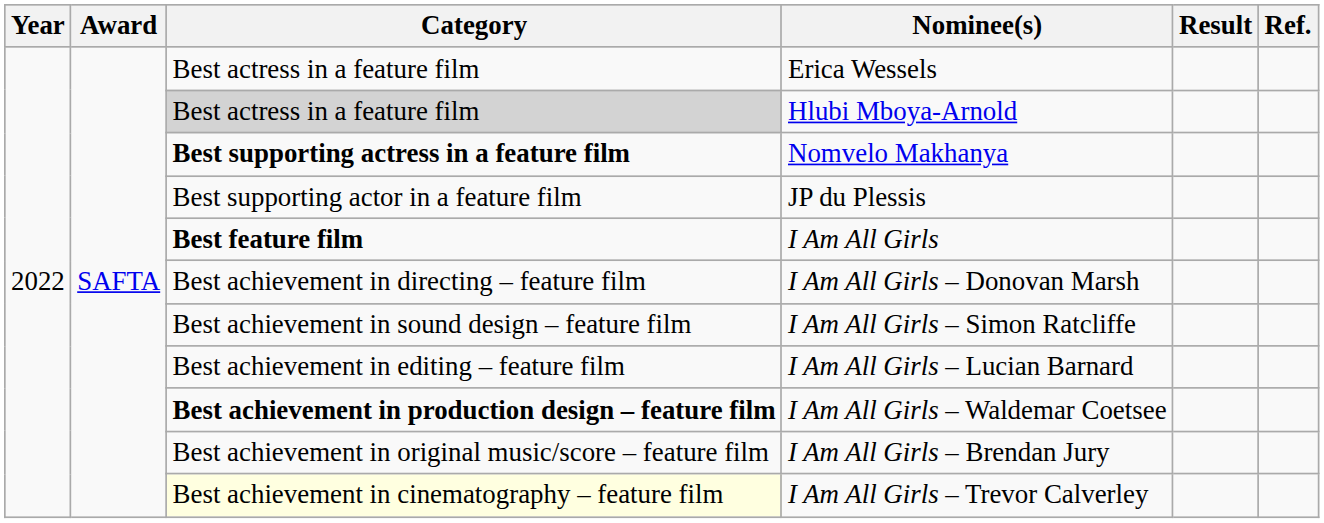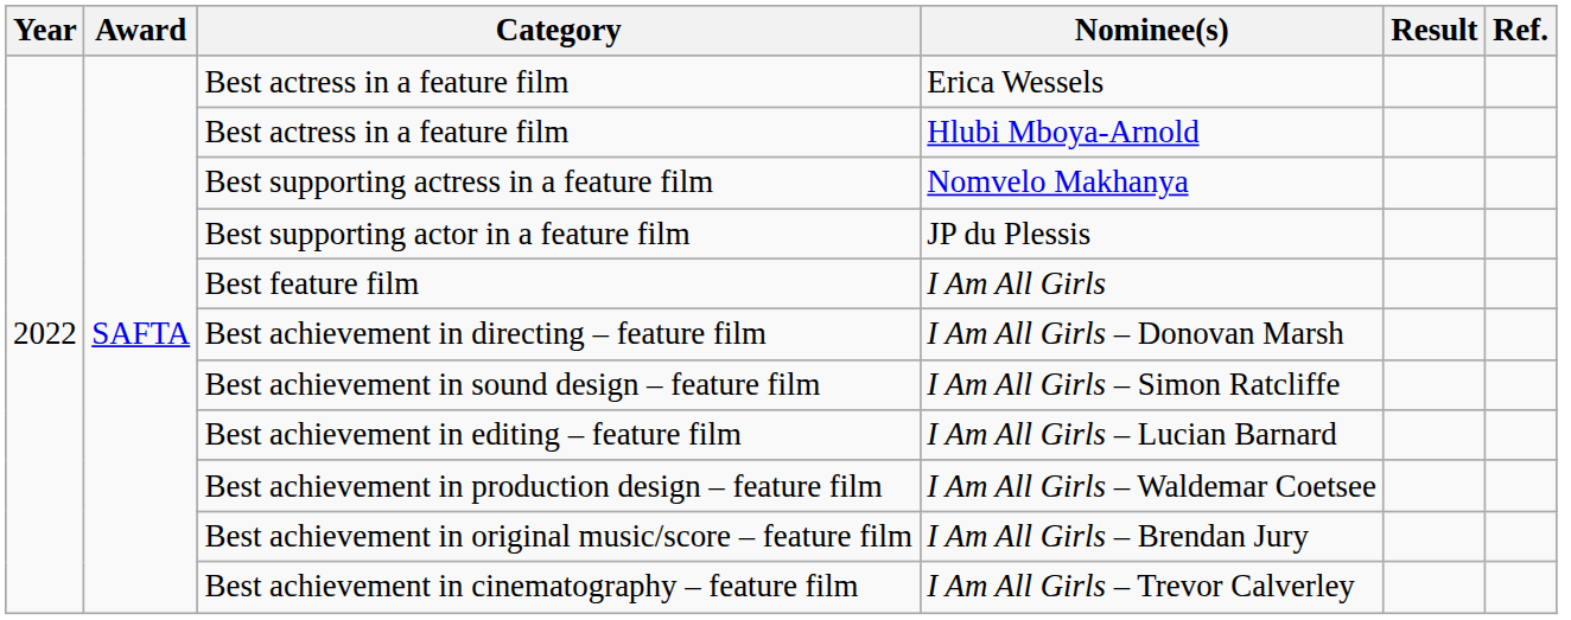 <table class="wikitable sortable">
 <tr>
 <th>Year</th>
 <th>Award</th>
 <th>Category</th>
 <th>Nominee(s)</th>
 <th>Result</th>
 <th>Ref.</th>
 </tr>
 <tr>
 <td rowspan="11">2022</td>
 <td rowspan="11"><a href='#'>SAFTA</a></td>
 <td>Best actress in a feature film</td>
 <td>Erica Wessels</td>
 <td></td>
 <td></td>
 </tr>
 <tr>
-<td style="background: lightgrey;">Best actress in a feature film</td>
+<td>Best actress in a feature film</td>
 <td><a href='#'>Hlubi Mboya-Arnold</a></td>
 <td></td>
 <td></td>
 </tr>
 <tr>
-<td><strong>Best supporting actress in a feature film</strong></td>
+<td>Best supporting actress in a feature film</td>
 <td><a href='#'>Nomvelo Makhanya</a></td>
 <td></td>
 <td></td>
 </tr>
 <tr>
 <td>Best supporting actor in a feature film</td>
 <td>JP du Plessis</td>
 <td></td>
 <td></td>
 </tr>
 <tr>
-<td><strong>Best feature film</strong></td>
+<td>Best feature film</td>
 <td><em>I Am All Girls</em></td>
 <td></td>
 <td></td>
 </tr>
 <tr>
 <td>Best achievement in directing – feature film</td>
 <td><em>I Am All Girls</em> – Donovan Marsh</td>
 <td></td>
 <td></td>
 </tr>
 <tr>
 <td>Best achievement in sound design – feature film</td>
 <td><em>I Am All Girls –</em> Simon Ratcliffe</td>
 <td></td>
 <td></td>
 </tr>
 <tr>
 <td>Best achievement in editing – feature film</td>
 <td><em>I Am All Girls</em> – Lucian Barnard</td>
 <td></td>
 <td></td>
 </tr>
 <tr>
-<td><strong>Best achievement in production design – feature film</strong></td>
+<td>Best achievement in production design – feature film</td>
 <td><em>I Am All Girls</em> – Waldemar Coetsee</td>
 <td></td>
 <td></td>
 </tr>
 <tr>
 <td>Best achievement in original music/score – feature film</td>
 <td><em>I Am All Girls</em> – Brendan Jury</td>
 <td></td>
 <td></td>
 </tr>
 <tr>
-<td style="background: lightyellow;">Best achievement in cinematography – feature film</td>
+<td>Best achievement in cinematography – feature film</td>
 <td><em>I Am All Girls</em> – Trevor Calverley</td>
 <td></td>
 <td></td>
 </tr>
 </table>
